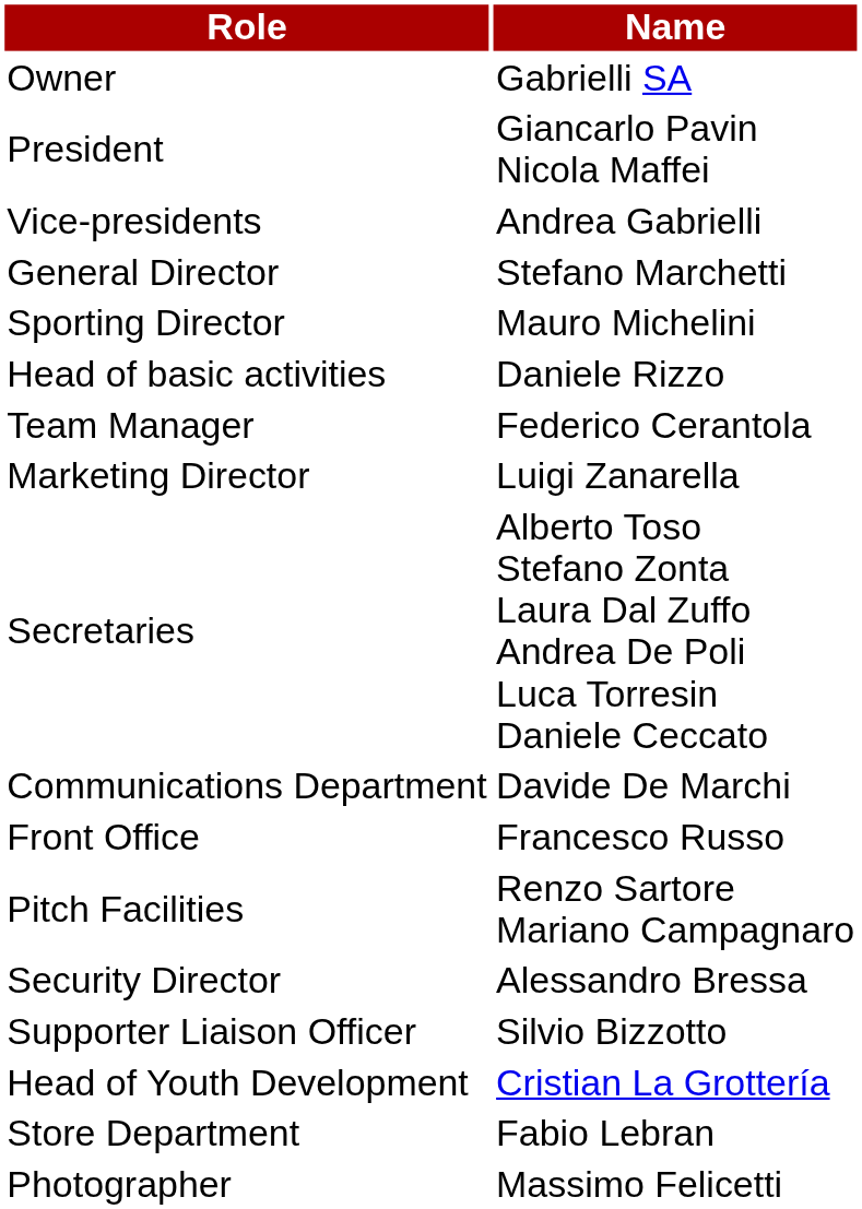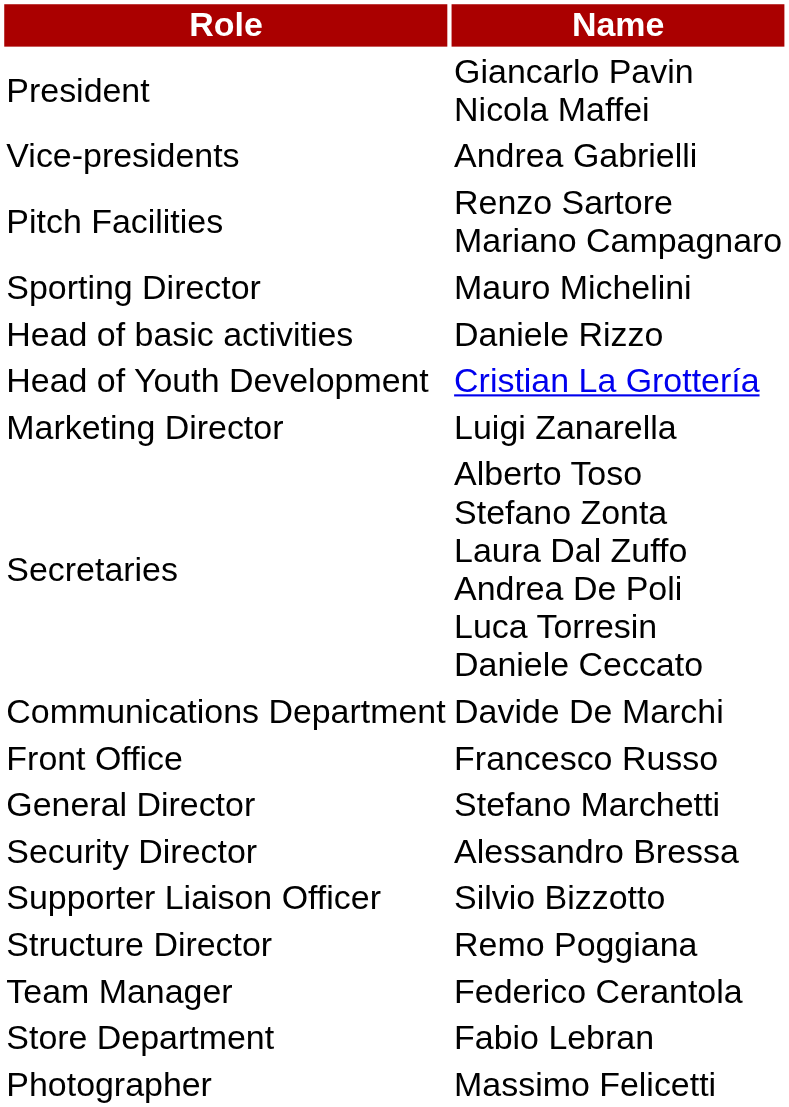 <table class="toccolours">
 <tr>
 <th style="background:#AA0000;color:white;">Role</th>
 <th style="background:#AA0000;color:white;">Name</th>
-</tr>
-<tr>
-<td>Owner</td>
-<td> Gabrielli <a href='#'>SA</a></td>
 </tr>
 <tr>
 <td>President</td>
 <td> Giancarlo Pavin <br>  Nicola Maffei</td>
 </tr>
 <tr>
 <td>Vice-presidents</td>
 <td> Andrea Gabrielli</td>
 </tr>
 <tr>
-<td>General Director</td>
-<td> Stefano Marchetti</td>
+<td>Pitch Facilities</td>
+<td> Renzo Sartore <br>  Mariano Campagnaro</td>
 </tr>
 <tr>
 <td>Sporting Director</td>
 <td> Mauro Michelini</td>
 </tr>
 <tr>
 <td>Head of basic activities</td>
 <td> Daniele Rizzo</td>
 </tr>
 <tr>
-<td>Team Manager</td>
-<td> Federico Cerantola</td>
+<td>Head of Youth Development</td>
+<td> <a href='#'>Cristian La Grottería</a></td>
 </tr>
 <tr>
 <td>Marketing Director</td>
 <td> Luigi Zanarella</td>
 </tr>
 <tr>
 <td>Secretaries</td>
 <td> Alberto Toso <br>  Stefano Zonta <br>  Laura Dal Zuffo <br>  Andrea De Poli <br>  Luca Torresin <br>  Daniele Ceccato</td>
 </tr>
 <tr>
 <td>Communications Department</td>
 <td> Davide De Marchi</td>
 </tr>
 <tr>
 <td>Front Office</td>
 <td> Francesco Russo</td>
 </tr>
 <tr>
-<td>Pitch Facilities</td>
-<td> Renzo Sartore <br>  Mariano Campagnaro</td>
+<td>General Director</td>
+<td> Stefano Marchetti</td>
 </tr>
 <tr>
 <td>Security Director</td>
 <td> Alessandro Bressa</td>
 </tr>
 <tr>
 <td>Supporter Liaison Officer</td>
 <td> Silvio Bizzotto</td>
 </tr>
 <tr>
-<td>Head of Youth Development</td>
-<td> <a href='#'>Cristian La Grottería</a></td>
+<td>Structure Director</td>
+<td> Remo Poggiana</td>
+</tr>
+<tr>
+<td>Team Manager</td>
+<td> Federico Cerantola</td>
 </tr>
 <tr>
 <td>Store Department</td>
 <td> Fabio Lebran</td>
 </tr>
 <tr>
 <td>Photographer</td>
 <td> Massimo Felicetti</td>
 </tr>
 </table>
